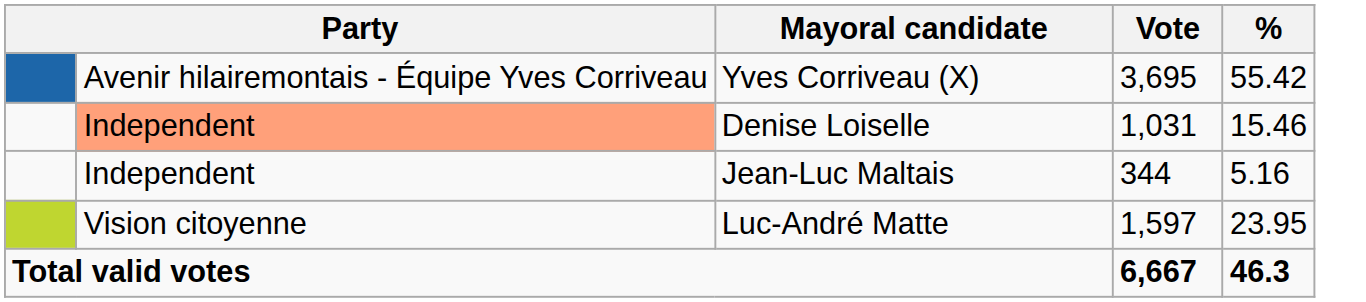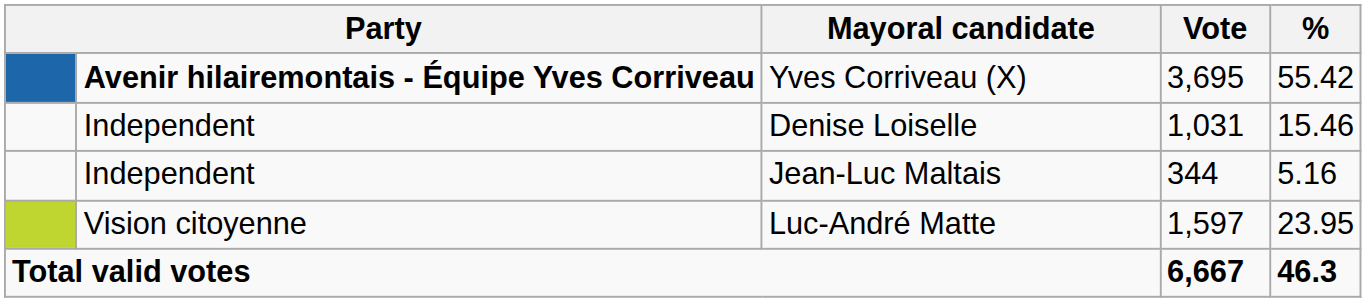 <table class="wikitable">
 <tr>
 <th bgcolor="#DDDDFF" width="230px" colspan="2">Party</th>
 <th bgcolor="#DDDDFF" width="200px">Mayoral candidate</th>
 <th bgcolor="#DDDDFF" width="50px">Vote</th>
 <th bgcolor="#DDDDFF" width="30px">%</th>
 </tr>
 <tr>
 <td bgcolor=#1D66A9 width="30px"> </td>
-<td>Avenir hilairemontais - Équipe Yves Corriveau</td>
+<td><strong>Avenir hilairemontais - Équipe Yves Corriveau</strong></td>
 <td>Yves Corriveau (X)</td>
 <td>3,695</td>
 <td>55.42</td>
 </tr>
 <tr>
 <td> </td>
-<td style="background: lightsalmon;">Independent</td>
+<td>Independent</td>
 <td>Denise Loiselle</td>
 <td>1,031</td>
 <td>15.46</td>
 </tr>
 <tr>
 <td> </td>
 <td>Independent</td>
 <td>Jean-Luc Maltais</td>
 <td>344</td>
 <td>5.16</td>
 </tr>
 <tr>
 <td bgcolor=#BFD630 width="30px"> </td>
 <td>Vision citoyenne</td>
 <td>Luc-André Matte</td>
 <td>1,597</td>
 <td>23.95</td>
 </tr>
 <tr>
 <td colspan="3"><strong>Total valid votes</strong></td>
 <td><strong>6,667</strong></td>
 <td><strong>46.3</strong></td>
 </tr>
 </table>
